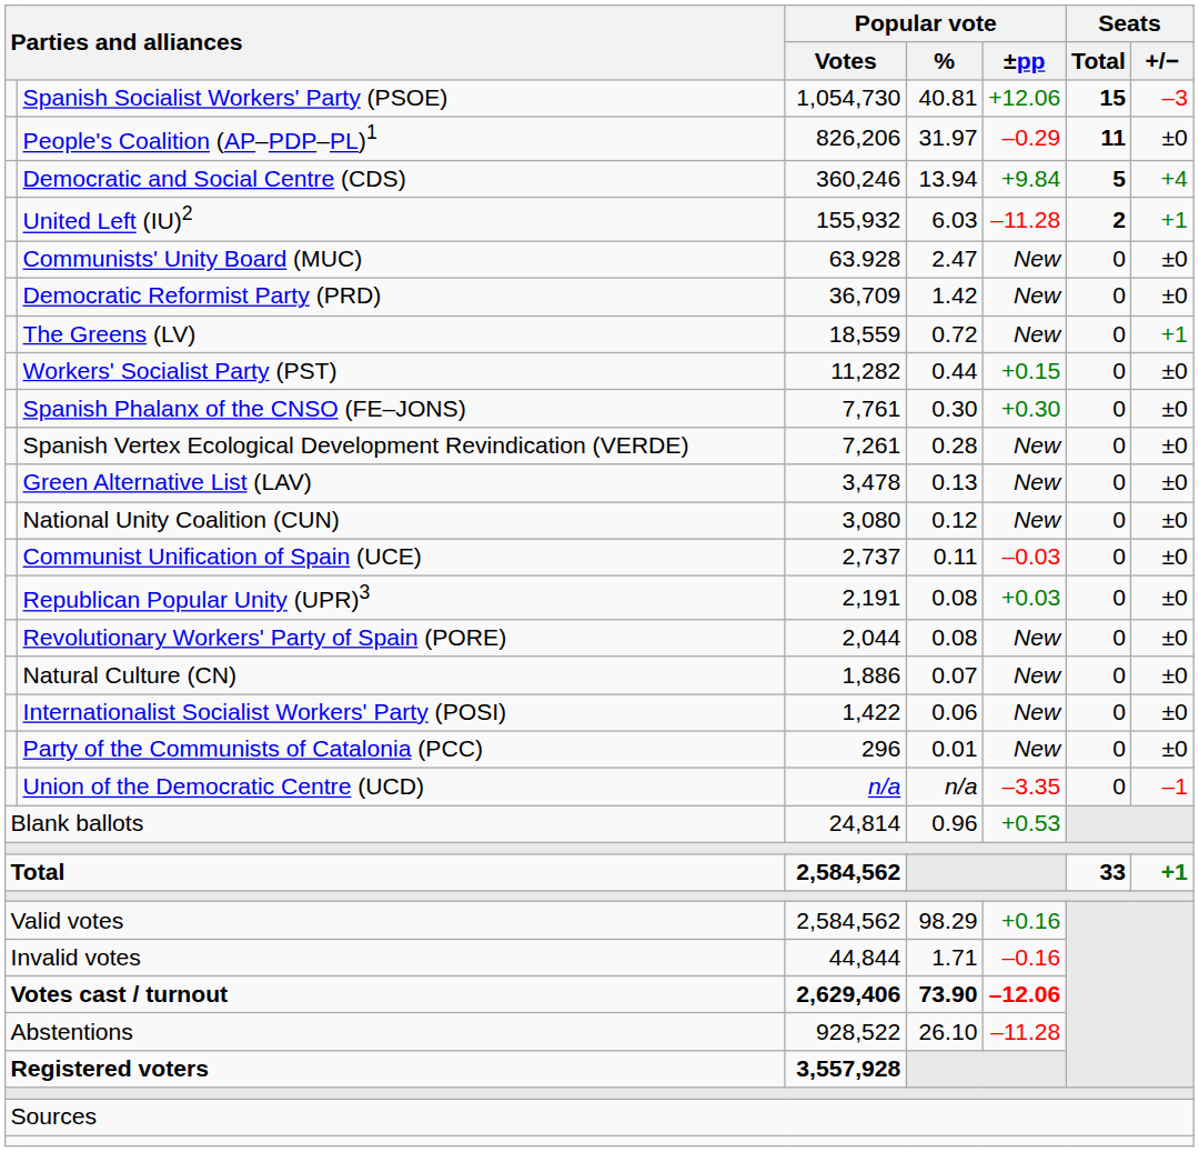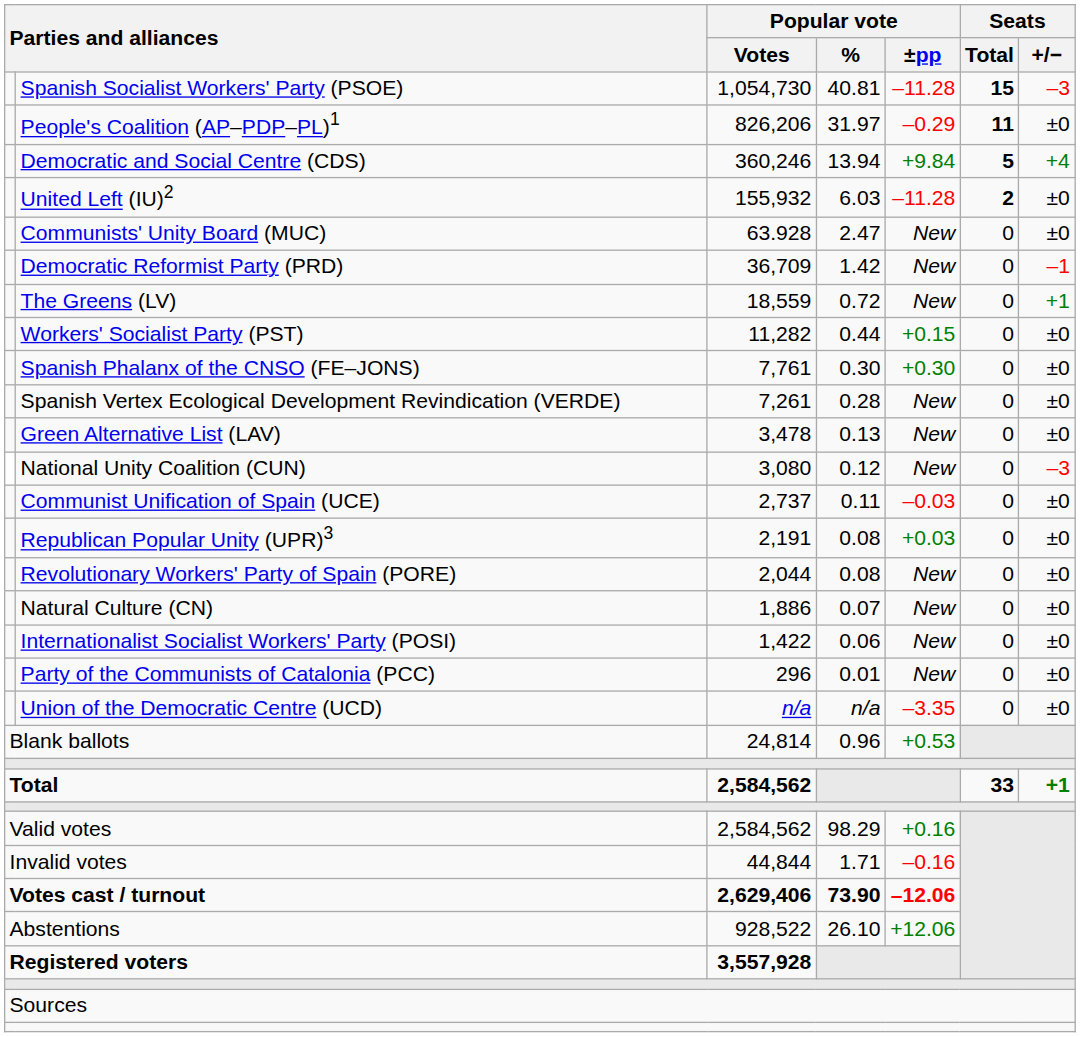 <table class="wikitable" style="text-align:right;">
 <tr>
 <th style="text-align:left;" rowspan="2" colspan="2" width="525">Parties and alliances</th>
 <th colspan="3">Popular vote</th>
 <th colspan="2">Seats</th>
 </tr>
 <tr>
 <th width="75">Votes</th>
 <th width="45">%</th>
 <th width="45">±<a href='#'>pp</a></th>
 <th width="35">Total</th>
 <th width="35">+/−</th>
 </tr>
 <tr>
 <td width="1" style="color:inherit;background:"></td>
 <td align="left"><a href='#'>Spanish Socialist Workers' Party</a> (PSOE)</td>
 <td>1,054,730</td>
 <td>40.81</td>
-<td style="color:green;">+12.06</td>
+<td style="color:red;">–11.28</td>
 <td><strong>15</strong></td>
 <td style="color:red;">–3</td>
 </tr>
 <tr>
 <td style="color:inherit;background:"></td>
 <td align="left"><a href='#'>People's Coalition</a> (<a href='#'>AP</a>–<a href='#'>PDP</a>–<a href='#'>PL</a>)<sup>1</sup></td>
 <td>826,206</td>
 <td>31.97</td>
 <td style="color:red;">–0.29</td>
 <td><strong>11</strong></td>
 <td>±0</td>
 </tr>
 <tr>
 <td style="color:inherit;background:"></td>
 <td align="left"><a href='#'>Democratic and Social Centre</a> (CDS)</td>
 <td>360,246</td>
 <td>13.94</td>
 <td style="color:green;">+9.84</td>
 <td><strong>5</strong></td>
 <td style="color:green;">+4</td>
 </tr>
 <tr>
 <td style="color:inherit;background:"></td>
 <td align="left"><a href='#'>United Left</a> (IU)<sup>2</sup></td>
 <td>155,932</td>
 <td>6.03</td>
 <td style="color:red;">–11.28</td>
 <td><strong>2</strong></td>
-<td style="color:green;">+1</td>
+<td>±0</td>
 </tr>
 <tr>
 <td style="color:inherit;background:"></td>
 <td align="left"><a href='#'>Communists' Unity Board</a> (MUC)</td>
 <td>63.928</td>
 <td>2.47</td>
 <td><em>New</em></td>
 <td>0</td>
 <td>±0</td>
 </tr>
 <tr>
 <td style="color:inherit;background:"></td>
 <td align="left"><a href='#'>Democratic Reformist Party</a> (PRD)</td>
 <td>36,709</td>
 <td>1.42</td>
 <td><em>New</em></td>
 <td>0</td>
-<td>±0</td>
+<td style="color:red;">–1</td>
 </tr>
 <tr>
 <td style="color:inherit;background:"></td>
 <td align="left"><a href='#'>The Greens</a> (LV)</td>
 <td>18,559</td>
 <td>0.72</td>
 <td><em>New</em></td>
 <td>0</td>
 <td style="color:green;">+1</td>
 </tr>
 <tr>
 <td style="color:inherit;background:"></td>
 <td align="left"><a href='#'>Workers' Socialist Party</a> (PST)</td>
 <td>11,282</td>
 <td>0.44</td>
 <td style="color:green;">+0.15</td>
 <td>0</td>
 <td>±0</td>
 </tr>
 <tr>
 <td style="color:inherit;background:"></td>
 <td align="left"><a href='#'>Spanish Phalanx of the CNSO</a> (FE–JONS)</td>
 <td>7,761</td>
 <td>0.30</td>
 <td style="color:green;">+0.30</td>
 <td>0</td>
 <td>±0</td>
 </tr>
 <tr>
 <td style="color:inherit;background:"></td>
 <td align="left">Spanish Vertex Ecological Development Revindication (VERDE)</td>
 <td>7,261</td>
 <td>0.28</td>
 <td><em>New</em></td>
 <td>0</td>
 <td>±0</td>
 </tr>
 <tr>
 <td style="color:inherit;background:"></td>
 <td align="left"><a href='#'>Green Alternative List</a> (LAV)</td>
 <td>3,478</td>
 <td>0.13</td>
 <td><em>New</em></td>
 <td>0</td>
 <td>±0</td>
 </tr>
 <tr>
 <td bgcolor="white"></td>
 <td align="left">National Unity Coalition (CUN)</td>
 <td>3,080</td>
 <td>0.12</td>
 <td><em>New</em></td>
 <td>0</td>
-<td>±0</td>
+<td style="color:red;">–3</td>
 </tr>
 <tr>
 <td style="color:inherit;background:"></td>
 <td align="left"><a href='#'>Communist Unification of Spain</a> (UCE)</td>
 <td>2,737</td>
 <td>0.11</td>
 <td style="color:red;">–0.03</td>
 <td>0</td>
 <td>±0</td>
 </tr>
 <tr>
 <td style="color:inherit;background:"></td>
 <td align="left"><a href='#'>Republican Popular Unity</a> (UPR)<sup>3</sup></td>
 <td>2,191</td>
 <td>0.08</td>
 <td style="color:green;">+0.03</td>
 <td>0</td>
 <td>±0</td>
 </tr>
 <tr>
 <td style="color:inherit;background:"></td>
 <td align="left"><a href='#'>Revolutionary Workers' Party of Spain</a> (PORE)</td>
 <td>2,044</td>
 <td>0.08</td>
 <td><em>New</em></td>
 <td>0</td>
 <td>±0</td>
 </tr>
 <tr>
 <td style="color:inherit;background:"></td>
 <td align="left">Natural Culture (CN)</td>
 <td>1,886</td>
 <td>0.07</td>
 <td><em>New</em></td>
 <td>0</td>
 <td>±0</td>
 </tr>
 <tr>
 <td style="color:inherit;background:"></td>
 <td align="left"><a href='#'>Internationalist Socialist Workers' Party</a> (POSI)</td>
 <td>1,422</td>
 <td>0.06</td>
 <td><em>New</em></td>
 <td>0</td>
 <td>±0</td>
 </tr>
 <tr>
 <td style="color:inherit;background:"></td>
 <td align="left"><a href='#'>Party of the Communists of Catalonia</a> (PCC)</td>
 <td>296</td>
 <td>0.01</td>
 <td><em>New</em></td>
 <td>0</td>
 <td>±0</td>
 </tr>
 <tr>
 <td style="color:inherit;background:"></td>
 <td align="left"><a href='#'>Union of the Democratic Centre</a> (UCD)</td>
 <td><em><a href='#'>n/a</a></em></td>
 <td><em>n/a</em></td>
 <td style="color:red;">–3.35</td>
 <td>0</td>
-<td style="color:red;">–1</td>
+<td>±0</td>
 </tr>
 <tr>
 <td align="left" colspan="2">Blank ballots</td>
 <td>24,814</td>
 <td>0.96</td>
 <td style="color:green;">+0.53</td>
 <td bgcolor="#E9E9E9" colspan="2"></td>
 </tr>
 <tr>
 <td colspan="7" bgcolor="#E9E9E9"></td>
 </tr>
 <tr style="font-weight:bold;">
 <td align="left" colspan="2">Total</td>
 <td>2,584,562</td>
 <td bgcolor="#E9E9E9" colspan="2"></td>
 <td>33</td>
 <td style="color:green;">+1</td>
 </tr>
 <tr>
 <td colspan="7" bgcolor="#E9E9E9"></td>
 </tr>
 <tr>
 <td align="left" colspan="2">Valid votes</td>
 <td>2,584,562</td>
 <td>98.29</td>
 <td style="color:green;">+0.16</td>
 <td bgcolor="#E9E9E9" colspan="2" rowspan="5"></td>
 </tr>
 <tr>
 <td align="left" colspan="2">Invalid votes</td>
 <td>44,844</td>
 <td>1.71</td>
 <td style="color:red;">–0.16</td>
 </tr>
 <tr style="font-weight:bold;">
 <td align="left" colspan="2">Votes cast / turnout</td>
 <td>2,629,406</td>
 <td>73.90</td>
 <td style="color:red;">–12.06</td>
 </tr>
 <tr>
 <td align="left" colspan="2">Abstentions</td>
 <td>928,522</td>
 <td>26.10</td>
-<td style="color:red;">–11.28</td>
+<td style="color:green;">+12.06</td>
 </tr>
 <tr style="font-weight:bold;">
 <td align="left" colspan="2">Registered voters</td>
 <td>3,557,928</td>
 <td bgcolor="#E9E9E9" colspan="2"></td>
 </tr>
 <tr>
 <td colspan="7" bgcolor="#E9E9E9"></td>
 </tr>
 <tr>
 <td align="left" colspan="7">Sources</td>
 </tr>
 <tr>
 <td colspan="7" style="text-align:left; max-width:790px;"></td>
 </tr>
 </table>
